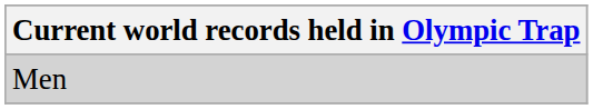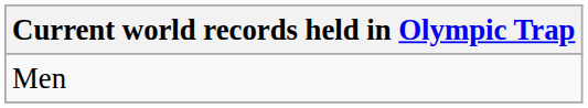 <table class="wikitable" style="font-size: 95%">
 <tr>
 <th colspan=9>Current world records held in <a href='#'>Olympic Trap</a></th>
 </tr>
 <tr>
-<td style="background: lightgrey;">Men<br></td>
+<td>Men<br></td>
 </tr>
 </table>
